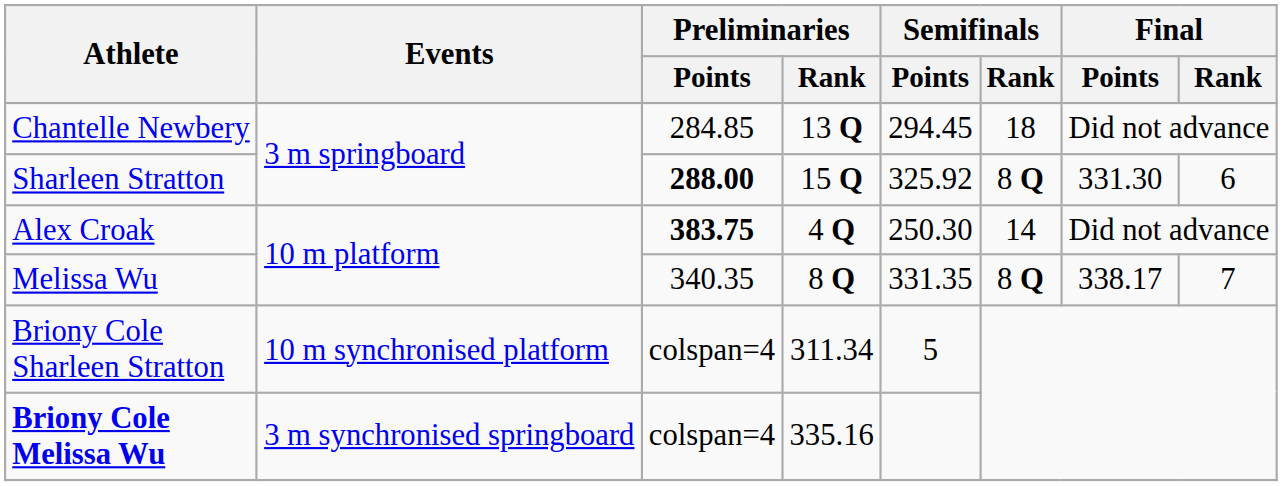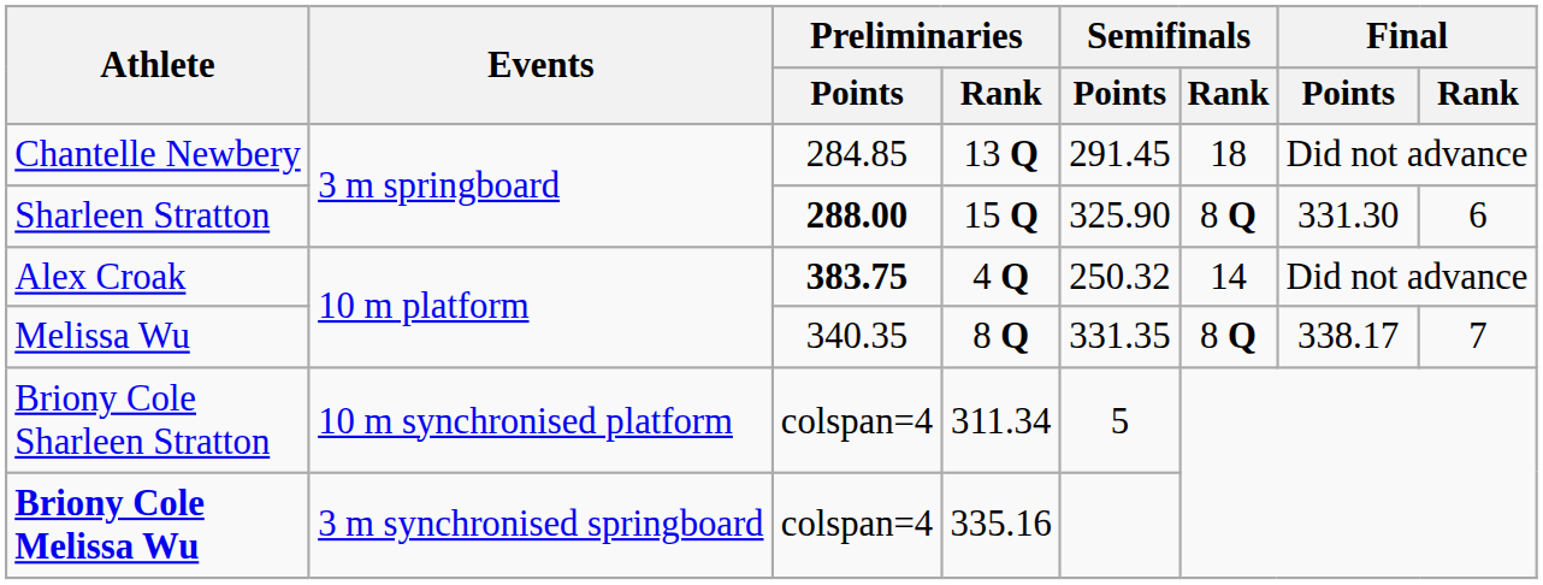 <table class=wikitable style="font-size:90%">
 <tr>
 <th rowspan="2">Athlete</th>
 <th rowspan="2">Events</th>
 <th colspan="2">Preliminaries</th>
 <th colspan="2">Semifinals</th>
 <th colspan="2">Final</th>
 </tr>
 <tr style="font-size:95%">
 <th>Points</th>
 <th>Rank</th>
 <th>Points</th>
 <th>Rank</th>
 <th>Points</th>
 <th>Rank</th>
 </tr>
 <tr align=center>
 <td align=left><a href='#'>Chantelle Newbery</a></td>
 <td align=left rowspan=2><a href='#'>3 m springboard</a></td>
 <td>284.85</td>
 <td>13 <strong>Q</strong></td>
-<td>294.45</td>
+<td>291.45</td>
 <td>18</td>
 <td colspan=2>Did not advance</td>
 </tr>
 <tr align=center>
 <td align=left><a href='#'>Sharleen Stratton</a></td>
 <td><strong>288.00</strong></td>
 <td>15 <strong>Q</strong></td>
-<td>325.92</td>
+<td>325.90</td>
 <td>8 <strong>Q</strong></td>
 <td>331.30</td>
 <td>6</td>
 </tr>
 <tr align=center>
 <td align=left><a href='#'>Alex Croak</a></td>
 <td align=left rowspan=2><a href='#'>10 m platform</a></td>
 <td><strong>383.75</strong></td>
 <td>4 <strong>Q</strong></td>
-<td>250.30</td>
+<td>250.32</td>
 <td>14</td>
 <td colspan=2>Did not advance</td>
 </tr>
 <tr align=center>
 <td align=left><a href='#'>Melissa Wu</a></td>
 <td>340.35</td>
 <td>8 <strong>Q</strong></td>
 <td>331.35</td>
 <td>8 <strong>Q</strong></td>
 <td>338.17</td>
 <td>7</td>
 </tr>
 <tr align=center>
 <td align=left><a href='#'>Briony Cole</a> <br><a href='#'>Sharleen Stratton</a></td>
 <td align=left><a href='#'>10 m synchronised platform</a></td>
 <td>colspan=4 </td>
 <td>311.34</td>
 <td>5</td>
 </tr>
 <tr align=center>
 <td align=left><strong><a href='#'>Briony Cole</a><br><a href='#'>Melissa Wu</a></strong></td>
 <td align=left><a href='#'>3 m synchronised springboard</a></td>
 <td>colspan=4 </td>
 <td>335.16</td>
 <td></td>
 </tr>
 </table>
